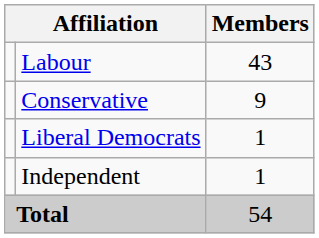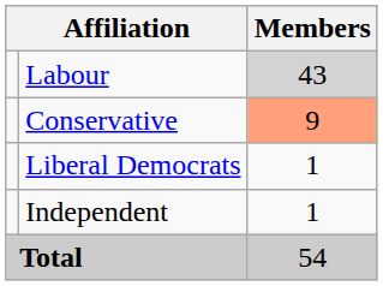 <table class="wikitable">
 <tr>
 <th colspan="2">Affiliation</th>
 <th>Members</th>
 </tr>
 <tr>
 <td style="color:inherit;background:"></td>
 <td><a href='#'>Labour</a></td>
-<td style="text-align:center;">43</td>
+<td style="background: lightgrey; text-align:center;">43</td>
 </tr>
 <tr>
 <td style="color:inherit;background:"></td>
 <td><a href='#'>Conservative</a></td>
-<td style="text-align:center;">9</td>
+<td style="background: lightsalmon; text-align:center;">9</td>
 </tr>
 <tr>
 <td style="color:inherit;background:"></td>
 <td><a href='#'>Liberal Democrats</a></td>
 <td style="text-align:center;">1</td>
 </tr>
 <tr>
 <td style="color:inherit;background:"></td>
 <td>Independent</td>
 <td style="text-align:center;">1</td>
 </tr>
 <tr style="background:#ccc;">
 <td colspan="2"> <strong>Total</strong></td>
 <td style="text-align:center;">54</td>
 </tr>
 </table>
